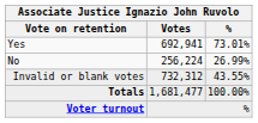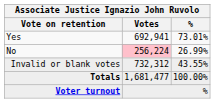 <table class="wikitable" style="font-size: 95%;">
 <tr style="background-color:#E9E9E9">
 <th colspan=7>Associate Justice Ignazio John Ruvolo</th>
 </tr>
 <tr style="background-color:#E9E9E9">
 <th style="width: 170px">Vote on retention</th>
 <th style="width: 50px">Votes</th>
 <th style="width: 40px">%</th>
 </tr>
 <tr>
 <td>Yes</td>
 <td align="right">692,941</td>
 <td align="right">73.01%</td>
 </tr>
 <tr>
 <td>No</td>
-<td align="right">256,224</td>
+<td align="right" style="background: pink;">256,224</td>
 <td align="right">26.99%</td>
 </tr>
 <tr style="background-color:#EEEEEE">
 <td align="right">Invalid or blank votes</td>
 <td align="right">732,312</td>
 <td align="right">43.55%</td>
 </tr>
 <tr style="background-color:#EEEEEE">
 <td align="right"><strong>Totals</strong></td>
 <td align="right">1,681,477</td>
 <td align="right">100.00%</td>
 </tr>
 <tr style="background-color:#EEEEEE">
 <td align="right"><strong><a href='#'>Voter turnout</a></strong></td>
 <td colspan="2" align="right">%</td>
 </tr>
 </table>
